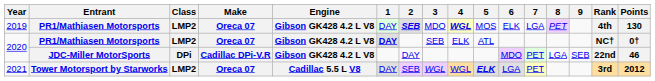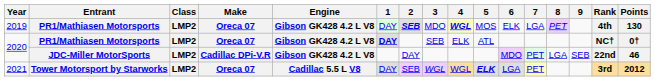 <table class="wikitable" style="text-align:center; font-size:85%">
 <tr>
 <th>Year</th>
 <th>Entrant</th>
 <th>Class</th>
 <th>Make</th>
 <th>Engine</th>
 <th>1</th>
 <th>2</th>
 <th>3</th>
 <th>4</th>
 <th>5</th>
 <th>6</th>
 <th>7</th>
 <th>8</th>
 <th>9</th>
 <th>Rank</th>
 <th>Points</th>
 </tr>
 <tr>
 <td><a href='#'>2019</a></td>
 <th nowrap><a href='#'>PR1/Mathiasen Motorsports</a></th>
 <th>LMP2</th>
 <th nowrap><a href='#'>Oreca 07</a></th>
 <th nowrap><a href='#'>Gibson</a> GK428 4.2 L V8</th>
 <td style="background:#DFFFDF;"><a href='#'>DAY</a><br></td>
 <td style="background:#DFDFDF;"><strong><em><a href='#'>SEB</a></em></strong><br></td>
 <td><a href='#'>MDO</a></td>
 <td style="background:#FFFFBF;"><strong><em><a href='#'>WGL</a></em></strong><br></td>
 <td><a href='#'>MOS</a></td>
 <td><a href='#'>ELK</a></td>
 <td><a href='#'>LGA</a></td>
 <td style="background:#EFCFFF;"><em><a href='#'>PET</a></em><br></td>
 <td></td>
 <th>4th</th>
 <th>130</th>
 </tr>
 <tr>
 <td rowspan=2><a href='#'>2020</a></td>
 <th nowrap><a href='#'>PR1/Mathiasen Motorsports</a></th>
 <th>LMP2</th>
 <th nowrap><a href='#'>Oreca 07</a></th>
 <th nowrap><a href='#'>Gibson</a> GK428 4.2 L V8</th>
 <td style="background:#DFDFDF;"><strong><a href='#'>DAY</a></strong><br></td>
 <td></td>
 <td><a href='#'>SEB</a></td>
 <td><a href='#'>ELK</a></td>
 <td><a href='#'>ATL</a></td>
 <td></td>
 <td></td>
 <td></td>
 <td></td>
 <th>NC†</th>
 <th>0†</th>
 </tr>
 <tr>
 <th nowrap><a href='#'>JDC-Miller MotorSports</a></th>
-<th>DPi</th>
+<th>LMP2</th>
 <th nowrap><a href='#'>Cadillac DPi-V.R</a></th>
 <th nowrap><a href='#'>Gibson</a> GK428 4.2 L V8</th>
 <td></td>
 <td><a href='#'>DAY</a></td>
 <td></td>
 <td></td>
 <td></td>
 <td style="background:#EFCFFF;"><a href='#'>MDO</a><br></td>
 <td style="background:#DFFFDF;"><a href='#'>PET</a><br></td>
 <td><a href='#'>LGA</a></td>
 <td><a href='#'>SEB</a></td>
 <th>22nd</th>
 <th>46</th>
 </tr>
 <tr>
 <td><a href='#'>2021</a></td>
 <th nowrap><a href='#'>Tower Motorsport by Starworks</a></th>
 <th>LMP2</th>
 <th nowrap><a href='#'>Oreca 07</a></th>
 <th nowrap><a href='#'>Cadillac</a> 5.5 L <a href='#'>V8</a></th>
 <td style="background:#DFDFDF;"><a href='#'>DAY</a><br></td>
 <td style="background:#EFCFFF;"><a href='#'>SEB</a><br></td>
 <td style="background:#EFCFFF;"><em><a href='#'>WGL</a></em><br></td>
 <td style="background:#FFDF9F;"><a href='#'>WGL</a><br></td>
 <td style="background:#DFDFDF;"><strong><em><a href='#'>ELK</a></em><br></strong></td>
 <td style="background:#DFDFDF;"><a href='#'>LGA</a><br></td>
 <td style="background:#FFFFBF;"><a href='#'>PET</a><br></td>
 <td></td>
 <td></td>
 <th style="background:#FFDF9F;">3rd</th>
 <th style="background:#FFDF9F;">2012</th>
 </tr>
 </table>
